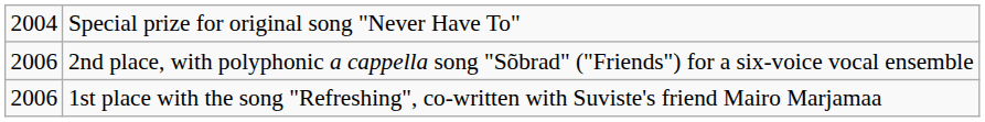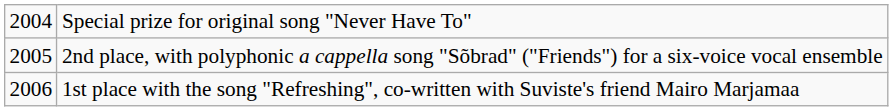 <table class="wikitable">
 <tr>
 <td>2004</td>
 <td>Special prize for original song "Never Have To"</td>
 </tr>
 <tr>
-<td>2006</td>
+<td>2005</td>
 <td>2nd place, with polyphonic <em>a cappella</em> song "Sõbrad" ("Friends") for a six-voice vocal ensemble</td>
 </tr>
 <tr>
 <td>2006</td>
 <td>1st place with the song "Refreshing", co-written with Suviste's friend Mairo Marjamaa</td>
 </tr>
 </table>
